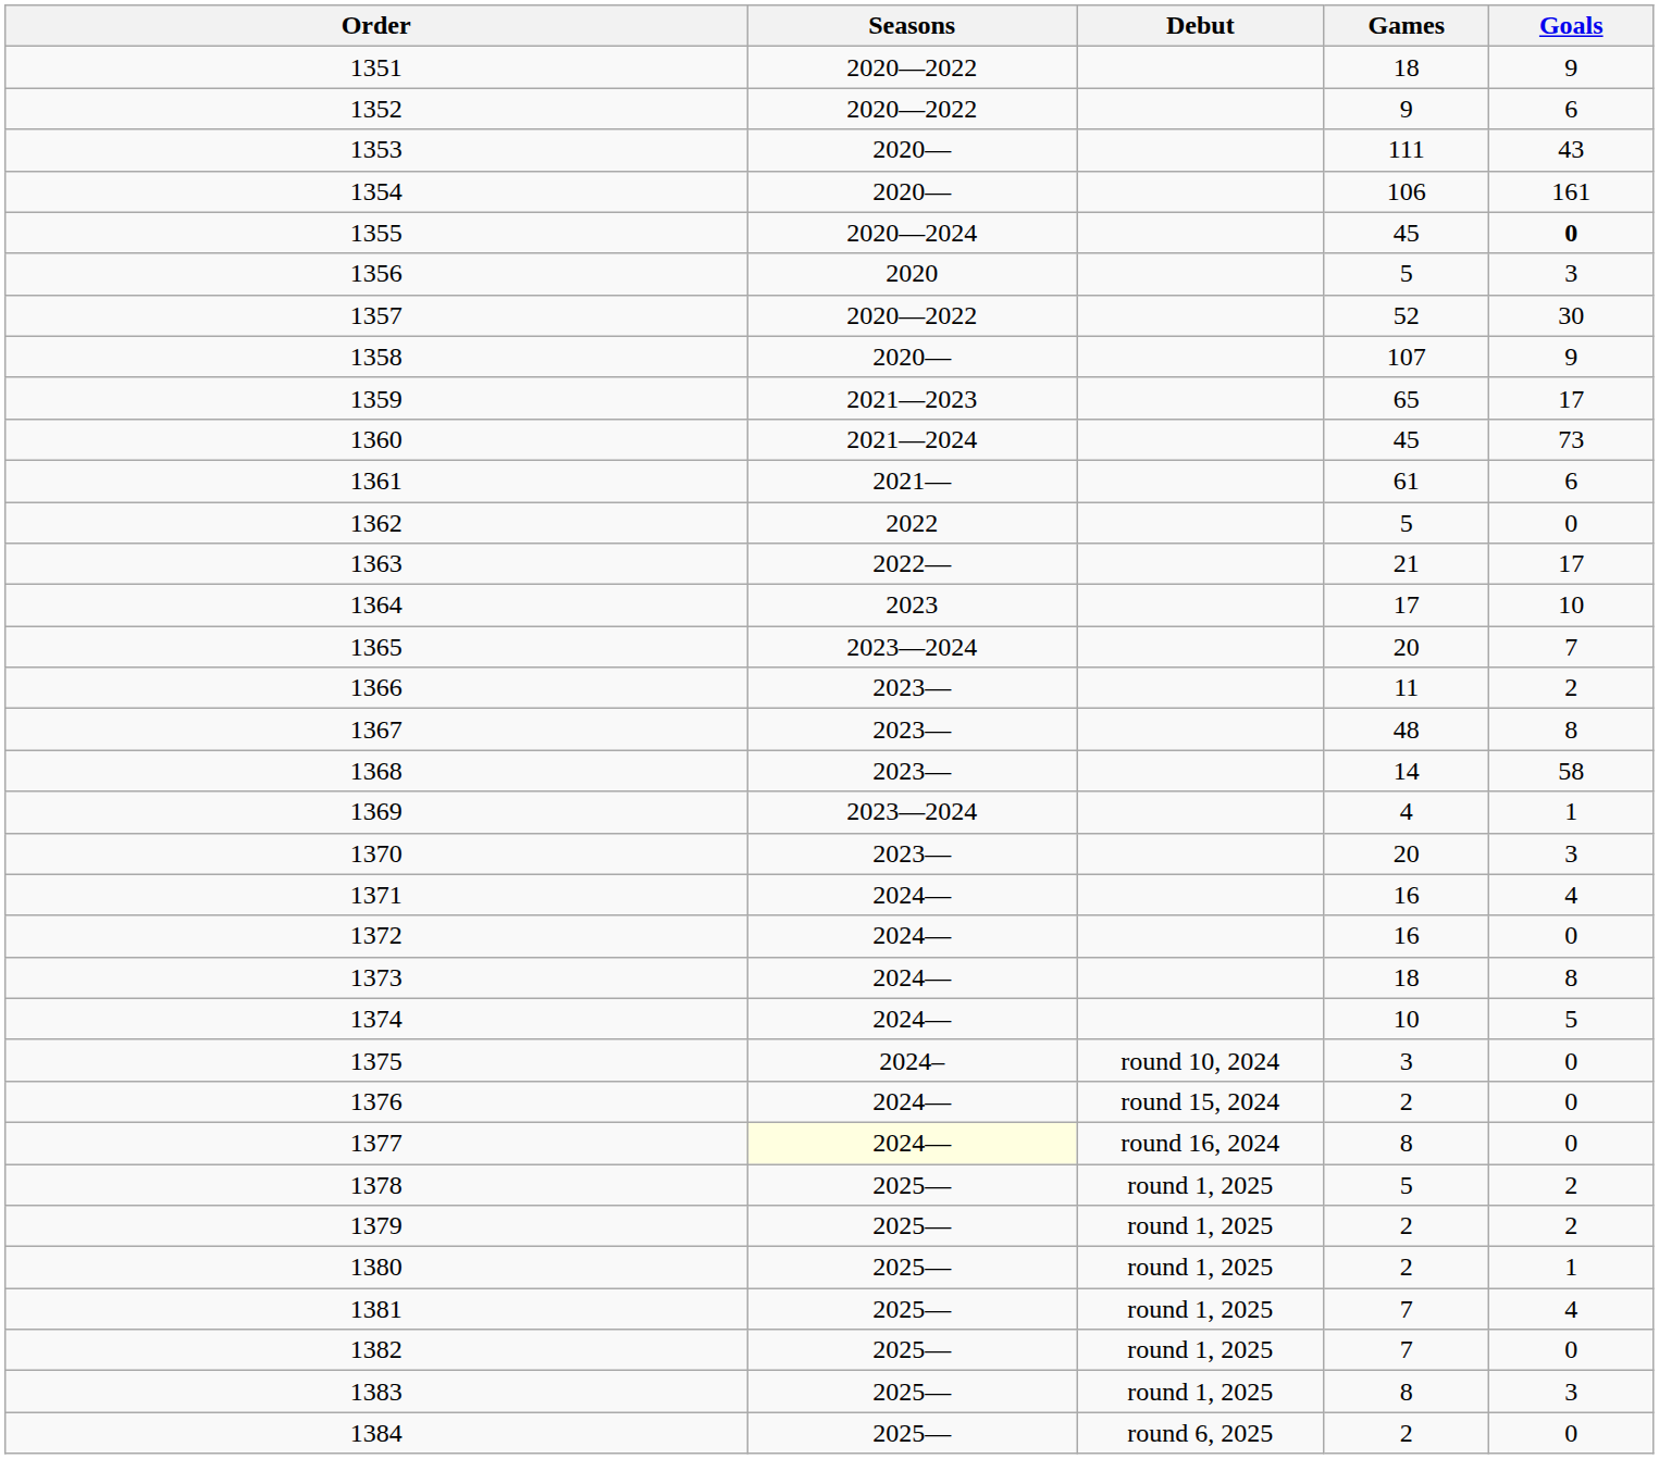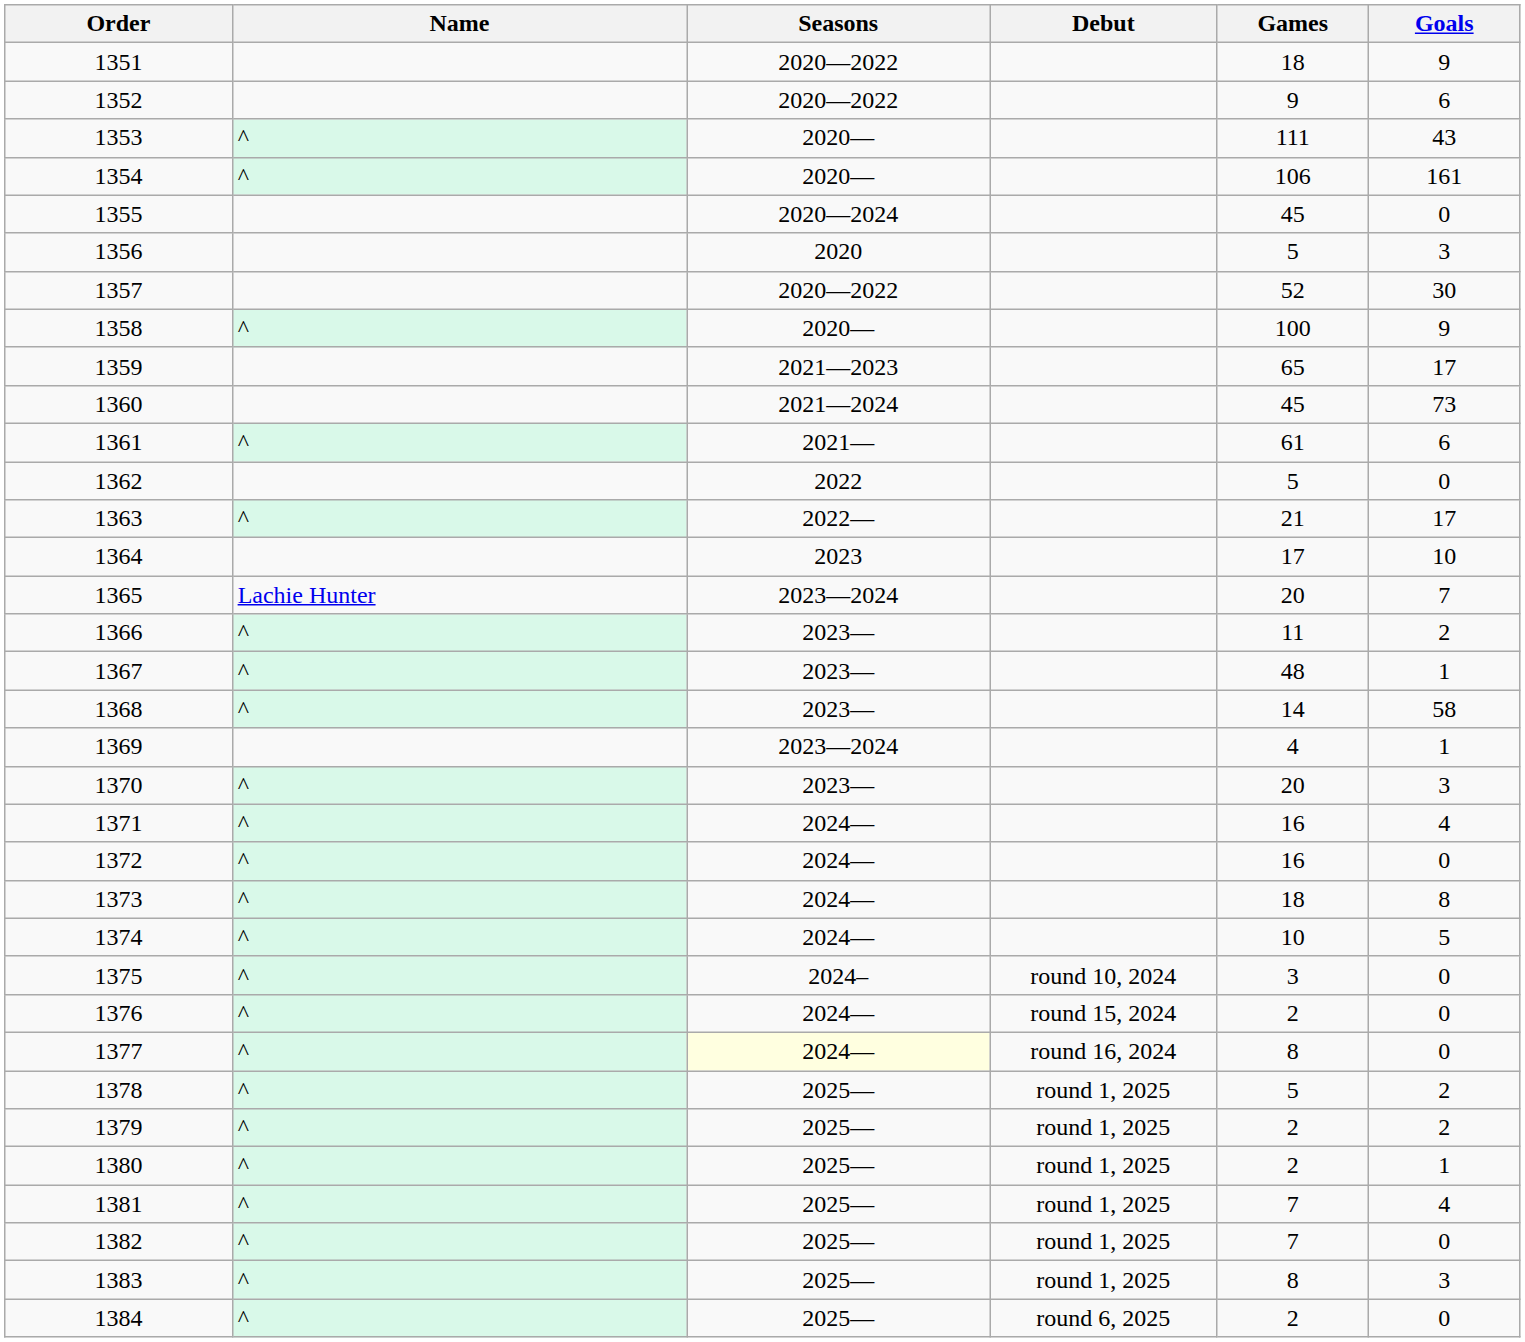 <table class="wikitable sortable" style="text-align:center; width:80%;">
 <tr>
 <th style="width=10%">Order</th>
+<th style="width:30%">Name</th>
 <th style="width:20%">Seasons</th>
 <th style="width:15%">Debut</th>
 <th style="width:10%">Games</th>
 <th style="width:10%"><a href='#'>Goals</a></th>
 </tr>
 <tr>
 <td>1351</td>
+<td style="text-align:left"></td>
 <td>2020—2022</td>
 <td></td>
 <td>18</td>
 <td>9</td>
 </tr>
 <tr>
 <td>1352</td>
+<td style="text-align:left"></td>
 <td>2020—2022</td>
 <td></td>
 <td>9</td>
 <td>6</td>
 </tr>
 <tr>
 <td>1353</td>
+<td style="text-align:left; background:#d9f9e9">^</td>
 <td>2020—</td>
 <td></td>
 <td>111</td>
 <td>43</td>
 </tr>
 <tr>
 <td>1354</td>
+<td style="text-align:left; background:#d9f9e9">^</td>
 <td>2020—</td>
 <td></td>
 <td>106</td>
 <td>161</td>
 </tr>
 <tr>
 <td>1355</td>
+<td style="text-align:left"></td>
 <td>2020—2024</td>
 <td></td>
 <td>45</td>
-<td><strong>0</strong></td>
+<td>0</td>
 </tr>
 <tr>
 <td>1356</td>
+<td style="text-align:left"></td>
 <td>2020</td>
 <td></td>
 <td>5</td>
 <td>3</td>
 </tr>
 <tr>
 <td>1357</td>
+<td style="text-align:left"></td>
 <td>2020—2022</td>
 <td></td>
 <td>52</td>
 <td>30</td>
 </tr>
 <tr>
 <td>1358</td>
+<td style="text-align:left; background:#d9f9e9">^</td>
 <td>2020—</td>
 <td></td>
-<td>107</td>
+<td>100</td>
 <td>9</td>
 </tr>
 <tr>
 <td>1359</td>
+<td style="text-align:left"></td>
 <td>2021—2023</td>
 <td></td>
 <td>65</td>
 <td>17</td>
 </tr>
 <tr>
 <td>1360</td>
+<td style="text-align:left"></td>
 <td>2021—2024</td>
 <td></td>
 <td>45</td>
 <td>73</td>
 </tr>
 <tr>
 <td>1361</td>
+<td style="text-align:left; background:#d9f9e9">^</td>
 <td>2021—</td>
 <td></td>
 <td>61</td>
 <td>6</td>
 </tr>
 <tr>
 <td>1362</td>
+<td style="text-align:left"></td>
 <td>2022</td>
 <td></td>
 <td>5</td>
 <td>0</td>
 </tr>
 <tr>
 <td>1363</td>
+<td style="text-align:left; background:#d9f9e9">^</td>
 <td>2022—</td>
 <td></td>
 <td>21</td>
 <td>17</td>
 </tr>
 <tr>
 <td>1364</td>
+<td style="text-align:left"></td>
 <td>2023</td>
 <td></td>
 <td>17</td>
 <td>10</td>
 </tr>
 <tr>
 <td>1365</td>
+<td style="text-align:left"><a href='#'>Lachie Hunter</a></td>
 <td>2023—2024</td>
 <td></td>
 <td>20</td>
 <td>7</td>
 </tr>
 <tr>
 <td>1366</td>
+<td style="text-align:left; background:#d9f9e9">^</td>
 <td>2023—</td>
 <td></td>
 <td>11</td>
 <td>2</td>
 </tr>
 <tr>
 <td>1367</td>
+<td style="text-align:left; background:#d9f9e9">^</td>
 <td>2023—</td>
 <td></td>
 <td>48</td>
-<td>8</td>
+<td>1</td>
 </tr>
 <tr>
 <td>1368</td>
+<td style="text-align:left; background:#d9f9e9">^</td>
 <td>2023—</td>
 <td></td>
 <td>14</td>
 <td>58</td>
 </tr>
 <tr>
 <td>1369</td>
+<td style="text-align:left"></td>
 <td>2023—2024</td>
 <td></td>
 <td>4</td>
 <td>1</td>
 </tr>
 <tr>
 <td>1370</td>
+<td style="text-align:left; background:#d9f9e9">^</td>
 <td>2023—</td>
 <td></td>
 <td>20</td>
 <td>3</td>
 </tr>
 <tr>
 <td>1371</td>
+<td style="text-align:left; background:#d9f9e9">^</td>
 <td>2024—</td>
 <td></td>
 <td>16</td>
 <td>4</td>
 </tr>
 <tr>
 <td>1372</td>
+<td style="text-align:left; background:#d9f9e9">^</td>
 <td>2024—</td>
 <td></td>
 <td>16</td>
 <td>0</td>
 </tr>
 <tr>
 <td>1373</td>
+<td style="text-align:left; background:#d9f9e9">^</td>
 <td>2024—</td>
 <td></td>
 <td>18</td>
 <td>8</td>
 </tr>
 <tr>
 <td>1374</td>
+<td style="text-align:left; background:#d9f9e9">^</td>
 <td>2024—</td>
 <td></td>
 <td>10</td>
 <td>5</td>
 </tr>
 <tr>
 <td>1375</td>
+<td style="text-align:left; background:#d9f9e9">^</td>
 <td>2024–</td>
 <td>round 10, 2024</td>
 <td>3</td>
 <td>0</td>
 </tr>
 <tr>
 <td>1376</td>
+<td style="text-align:left; background:#d9f9e9">^</td>
 <td>2024—</td>
 <td>round 15, 2024</td>
 <td>2</td>
 <td>0</td>
 </tr>
 <tr>
 <td>1377</td>
+<td style="text-align:left; background:#d9f9e9">^</td>
 <td style="background: lightyellow;">2024—</td>
 <td>round 16, 2024</td>
 <td>8</td>
 <td>0</td>
 </tr>
 <tr>
 <td>1378</td>
+<td style="text-align:left; background:#d9f9e9">^</td>
 <td>2025—</td>
 <td>round 1, 2025</td>
 <td>5</td>
 <td>2</td>
 </tr>
 <tr>
 <td>1379</td>
+<td style="text-align:left; background:#d9f9e9">^</td>
 <td>2025—</td>
 <td>round 1, 2025</td>
 <td>2</td>
 <td>2</td>
 </tr>
 <tr>
 <td>1380</td>
+<td style="text-align:left; background:#d9f9e9">^</td>
 <td>2025—</td>
 <td>round 1, 2025</td>
 <td>2</td>
 <td>1</td>
 </tr>
 <tr>
 <td>1381</td>
+<td style="text-align:left; background:#d9f9e9">^</td>
 <td>2025—</td>
 <td>round 1, 2025</td>
 <td>7</td>
 <td>4</td>
 </tr>
 <tr>
 <td>1382</td>
+<td style="text-align:left; background:#d9f9e9">^</td>
 <td>2025—</td>
 <td>round 1, 2025</td>
 <td>7</td>
 <td>0</td>
 </tr>
 <tr>
 <td>1383</td>
+<td style="text-align:left; background:#d9f9e9">^</td>
 <td>2025—</td>
 <td>round 1, 2025</td>
 <td>8</td>
 <td>3</td>
 </tr>
 <tr>
 <td>1384</td>
+<td style="text-align:left; background:#d9f9e9">^</td>
 <td>2025—</td>
 <td>round 6, 2025</td>
 <td>2</td>
 <td>0</td>
 </tr>
 </table>
